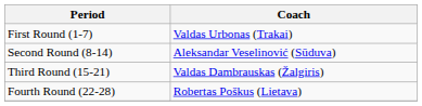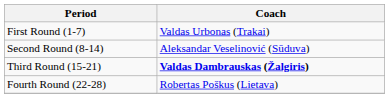 <table class="wikitable" style="width: 34em;">
 <tr style="text-align:center;">
 <th>Period</th>
 <th>Coach</th>
 </tr>
 <tr>
 <td>First Round (1-7)</td>
 <td><a href='#'>Valdas Urbonas</a> (<a href='#'>Trakai</a>)</td>
 </tr>
 <tr>
 <td>Second Round (8-14)</td>
 <td><a href='#'>Aleksandar Veselinović</a> (<a href='#'>Sūduva</a>)</td>
 </tr>
 <tr>
 <td>Third Round (15-21)</td>
-<td><a href='#'>Valdas Dambrauskas</a> (<a href='#'>Žalgiris</a>)</td>
+<td><strong><a href='#'>Valdas Dambrauskas</a> (<a href='#'>Žalgiris</a>)</strong></td>
 </tr>
 <tr>
 <td>Fourth Round (22-28)</td>
 <td><a href='#'>Robertas Poškus</a> (<a href='#'>Lietava</a>)</td>
 </tr>
 <tr>
 </tr>
 </table>
